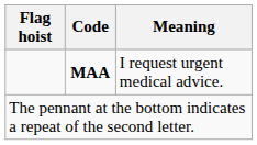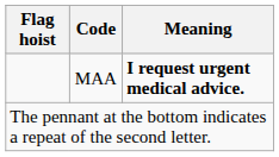 <table class="wikitable" style="float:right; margin-left:1em; width:240px;">
 <tr bgcolor="#CCCCCC" align="center">
 <th>Flag hoist</th>
 <th>Code</th>
 <th>Meaning</th>
 </tr>
 <tr>
 <td><br><br></td>
-<td align="center"><strong>MAA</strong></td>
-<td>I request urgent medical advice.</td>
+<td align="center">MAA</td>
+<td><strong>I request urgent medical advice.</strong></td>
 </tr>
 <tr>
 <td colspan="3">The pennant at the bottom indicates a repeat of the second letter.</td>
 </tr>
 </table>
